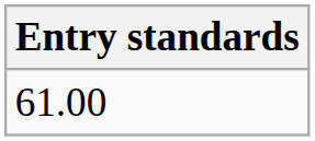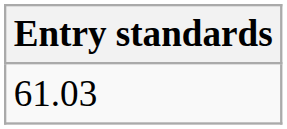 <table class="wikitable" border="1" align="upright">
 <tr>
 <th>Entry standards</th>
 </tr>
 <tr>
-<td>61.00</td>
+<td>61.03</td>
 </tr>
 </table>
